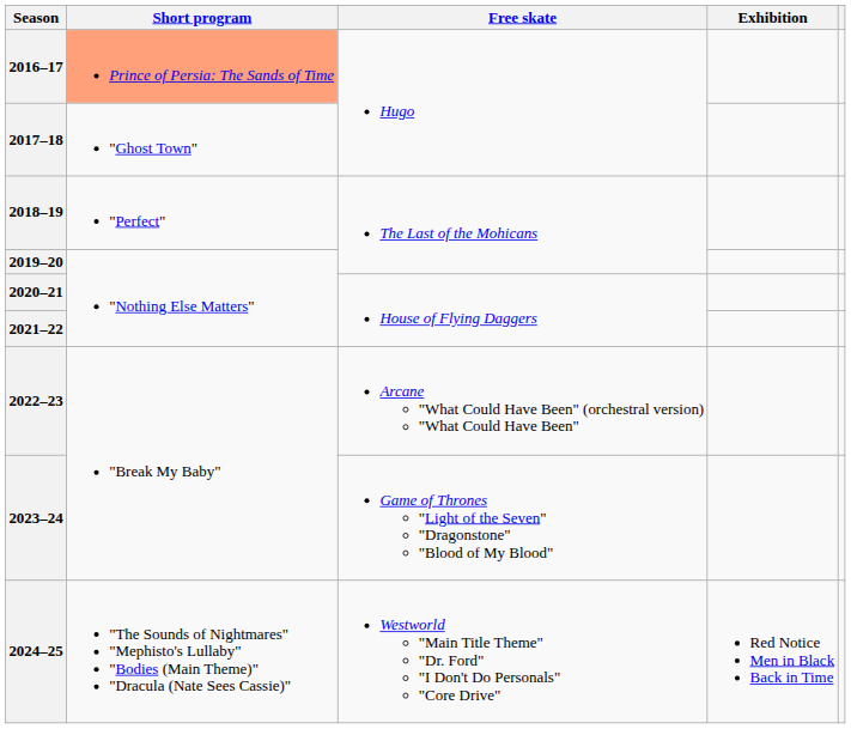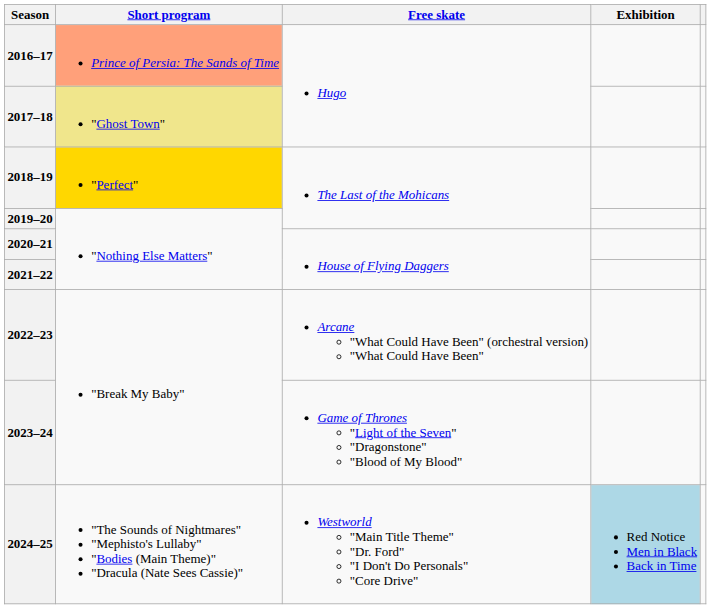 <table class="wikitable unsortable" style="text-align:left">
 <tr>
 <th>Season</th>
 <th scope="col"><a href='#'>Short program</a></th>
 <th scope="col"><a href='#'>Free skate</a></th>
 <th scope="col">Exhibition</th>
 <th scope="col"></th>
 </tr>
 <tr>
 <th scope="row">2016–17</th>
 <td style="background: lightsalmon;"><br><ul><li><em><a href='#'>Prince of Persia: The Sands of Time</a></em><br></li></ul></td>
 <td rowspan="2"><br><ul><li><em><a href='#'>Hugo</a></em><br></li></ul></td>
 <td></td>
 <td></td>
 </tr>
 <tr>
 <th scope="row">2017–18</th>
-<td><br><ul><li>"<a href='#'>Ghost Town</a>"<br></li></ul></td>
+<td style="background: khaki;"><br><ul><li>"<a href='#'>Ghost Town</a>"<br></li></ul></td>
 <td></td>
 <td></td>
 </tr>
 <tr>
 <th scope="row">2018–19</th>
-<td><br><ul><li>"<a href='#'>Perfect</a>"<br></li></ul></td>
+<td style="background: gold;"><br><ul><li>"<a href='#'>Perfect</a>"<br></li></ul></td>
 <td rowspan="2"><br><ul><li><em><a href='#'>The Last of the Mohicans</a></em><br></li></ul></td>
 <td></td>
 <td></td>
 </tr>
 <tr>
 <th scope="row">2019–20</th>
 <td rowspan="3"><br><ul><li>"<a href='#'>Nothing Else Matters</a>"<br></li></ul></td>
 <td></td>
 <td></td>
 </tr>
 <tr>
 <th scope="row">2020–21</th>
 <td rowspan="2"><br><ul><li><em><a href='#'>House of Flying Daggers</a></em><br></li></ul></td>
 <td></td>
 <td></td>
 </tr>
 <tr>
 <th scope="row">2021–22</th>
 <td></td>
 <td></td>
 </tr>
 <tr>
 <th scope="row">2022–23</th>
 <td rowspan="2"><br><ul><li>"Break My Baby"<br></li></ul></td>
 <td><br><ul><li><em><a href='#'>Arcane</a></em><ul><li>"What Could Have Been" (orchestral version)<br></li><li>"What Could Have Been"<br></li></ul></li></ul></td>
 <td></td>
 <td></td>
 </tr>
 <tr>
 <th scope="row">2023–24</th>
 <td><br><ul><li><em><a href='#'>Game of Thrones</a></em><ul><li>"<a href='#'>Light of the Seven</a>"</li><li>"Dragonstone"</li><li>"Blood of My Blood"<br></li></ul></li></ul></td>
 <td></td>
 <td></td>
 </tr>
 <tr>
 <th scope="row">2024–25</th>
 <td><br><ul><li>"The Sounds of Nightmares" <br></li><li>"Mephisto's Lullaby" <br></li><li>"<a href='#'>Bodies</a> (Main Theme)" <br></li><li>"Dracula (Nate Sees Cassie)" <br></li></ul></td>
 <td><br><ul><li><em><a href='#'>Westworld</a></em><ul><li>"Main Title Theme"</li><li>"Dr. Ford"</li><li>"I Don't Do Personals"</li><li>"Core Drive" <br></li></ul></li></ul></td>
-<td><br><ul><li>Red Notice <br> </li><li><a href='#'>Men in Black</a> <br> </li><li><a href='#'>Back in Time</a> <br> </li></ul></td>
+<td style="background: lightblue;"><br><ul><li>Red Notice <br> </li><li><a href='#'>Men in Black</a> <br> </li><li><a href='#'>Back in Time</a> <br> </li></ul></td>
 <td></td>
 </tr>
 </table>
